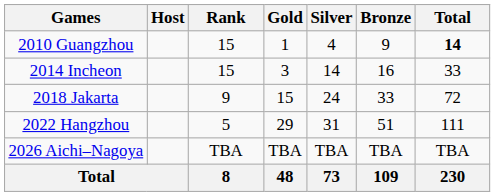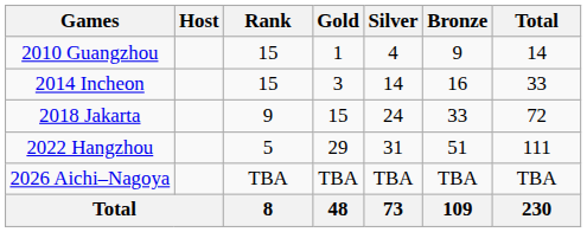 <table class="wikitable sortable" style="margin-top:0em; text-align:center; font-size:100%;">
 <tr>
 <th>Games</th>
 <th>Host</th>
 <th style="width:4em;">Rank<br></th>
 <th> Gold</th>
 <th> Silver</th>
 <th> Bronze</th>
 <th style="width:4em;">Total</th>
 </tr>
 <tr>
 <td><a href='#'>2010 Guangzhou</a></td>
 <td></td>
 <td>15</td>
 <td>1</td>
 <td>4</td>
 <td>9</td>
-<td><strong>14</strong></td>
+<td>14</td>
 </tr>
 <tr>
 <td><a href='#'>2014 Incheon</a></td>
 <td></td>
 <td>15</td>
 <td>3</td>
 <td>14</td>
 <td>16</td>
 <td>33</td>
 </tr>
 <tr>
 <td><a href='#'>2018 Jakarta</a></td>
 <td></td>
 <td>9</td>
 <td>15</td>
 <td>24</td>
 <td>33</td>
 <td>72</td>
 </tr>
 <tr>
 <td><a href='#'>2022 Hangzhou</a></td>
 <td></td>
 <td>5</td>
 <td>29</td>
 <td>31</td>
 <td>51</td>
 <td>111</td>
 </tr>
 <tr>
 <td><a href='#'>2026 Aichi–Nagoya</a></td>
 <td></td>
 <td>TBA</td>
 <td>TBA</td>
 <td>TBA</td>
 <td>TBA</td>
 <td>TBA</td>
 </tr>
 <tr>
 <th colspan="2">Total</th>
 <th>8</th>
 <th>48</th>
 <th>73</th>
 <th>109</th>
 <th>230</th>
 </tr>
 </table>
